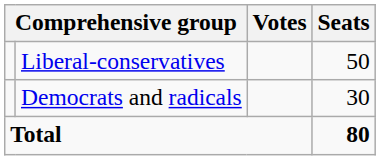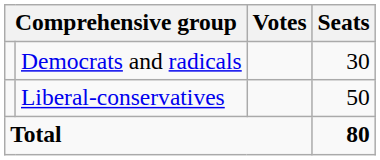 <table class="wikitable">
 <tr>
 <th colspan=2>Comprehensive group</th>
 <th>Votes</th>
 <th>Seats</th>
 </tr>
 <tr>
 <td style="background-color:"></td>
+<td><a href='#'>Democrats</a> and <a href='#'>radicals</a></td>
+<td align=right></td>
+<td align=right>30</td>
+</tr>
+<tr>
+<td style="background-color:"></td>
 <td><a href='#'>Liberal-conservatives</a></td>
 <td align=right></td>
 <td align=right>50</td>
-</tr>
-<tr>
-<td style="background-color:"></td>
-<td><a href='#'>Democrats</a> and <a href='#'>radicals</a></td>
-<td align=right></td>
-<td align=right>30</td>
 </tr>
 <tr>
 <td colspan=3><strong>Total</strong></td>
 <td align=right><strong>80</strong></td>
 </tr>
 </table>
